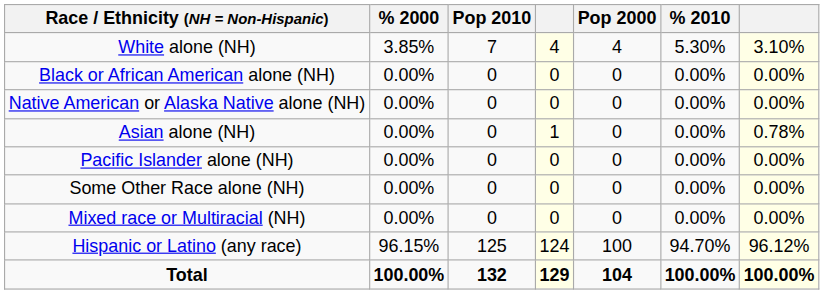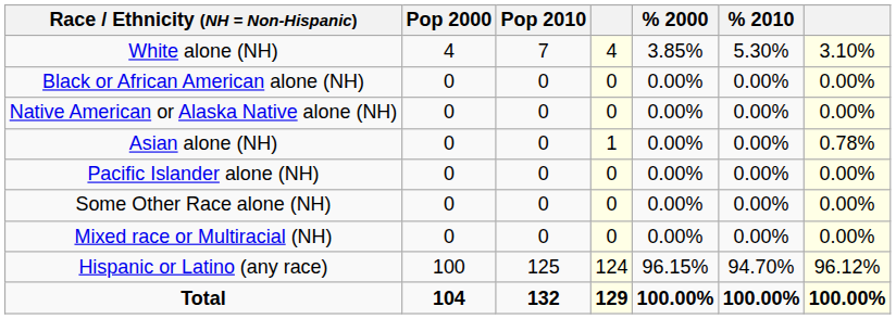 <table class="wikitable" style="text-align:center;">
 <tr>
 <th>Race / Ethnicity <small>(<em>NH = Non-Hispanic</em>)</small></th>
-<th>% 2000</th>
+<th>Pop 2000</th>
 <th>Pop 2010</th>
 <th></th>
-<th>Pop 2000</th>
+<th>% 2000</th>
 <th>% 2010</th>
 <th></th>
 </tr>
 <tr>
 <td><a href='#'>White</a> alone (NH)</td>
-<td>3.85%</td>
+<td>4</td>
 <td>7</td>
 <td style='background: #ffffe6;'>4</td>
-<td>4</td>
+<td>3.85%</td>
 <td>5.30%</td>
 <td style='background: #ffffe6;'>3.10%</td>
 </tr>
 <tr>
 <td><a href='#'>Black or African American</a> alone (NH)</td>
-<td>0.00%</td>
+<td>0</td>
 <td>0</td>
 <td style='background: #ffffe6;'>0</td>
-<td>0</td>
+<td>0.00%</td>
 <td>0.00%</td>
 <td style='background: #ffffe6;'>0.00%</td>
 </tr>
 <tr>
 <td><a href='#'>Native American</a> or <a href='#'>Alaska Native</a> alone (NH)</td>
-<td>0.00%</td>
+<td>0</td>
 <td>0</td>
 <td style='background: #ffffe6;'>0</td>
-<td>0</td>
+<td>0.00%</td>
 <td>0.00%</td>
 <td style='background: #ffffe6;'>0.00%</td>
 </tr>
 <tr>
 <td><a href='#'>Asian</a> alone (NH)</td>
-<td>0.00%</td>
+<td>0</td>
 <td>0</td>
 <td style='background: #ffffe6;'>1</td>
-<td>0</td>
+<td>0.00%</td>
 <td>0.00%</td>
 <td style='background: #ffffe6;'>0.78%</td>
 </tr>
 <tr>
 <td><a href='#'>Pacific Islander</a> alone (NH)</td>
-<td>0.00%</td>
+<td>0</td>
 <td>0</td>
 <td style='background: #ffffe6;'>0</td>
-<td>0</td>
+<td>0.00%</td>
 <td>0.00%</td>
 <td style='background: #ffffe6;'>0.00%</td>
 </tr>
 <tr>
 <td>Some Other Race alone (NH)</td>
-<td>0.00%</td>
+<td>0</td>
 <td>0</td>
 <td style='background: #ffffe6;'>0</td>
-<td>0</td>
+<td>0.00%</td>
 <td>0.00%</td>
 <td style='background: #ffffe6;'>0.00%</td>
 </tr>
 <tr>
 <td><a href='#'>Mixed race or Multiracial</a> (NH)</td>
-<td>0.00%</td>
+<td>0</td>
 <td>0</td>
 <td style='background: #ffffe6;'>0</td>
-<td>0</td>
+<td>0.00%</td>
 <td>0.00%</td>
 <td style='background: #ffffe6;'>0.00%</td>
 </tr>
 <tr>
 <td><a href='#'>Hispanic or Latino</a> (any race)</td>
-<td>96.15%</td>
+<td>100</td>
 <td>125</td>
 <td style='background: #ffffe6;'>124</td>
-<td>100</td>
+<td>96.15%</td>
 <td>94.70%</td>
 <td style='background: #ffffe6;'>96.12%</td>
 </tr>
 <tr>
 <td><strong>Total</strong></td>
-<td><strong>100.00%</strong></td>
+<td><strong>104</strong></td>
 <td><strong>132</strong></td>
 <td style='background: #ffffe6;'><strong>129</strong></td>
-<td><strong>104</strong></td>
+<td><strong>100.00%</strong></td>
 <td><strong>100.00%</strong></td>
 <td style='background: #ffffe6;'><strong>100.00%</strong></td>
 </tr>
 </table>
